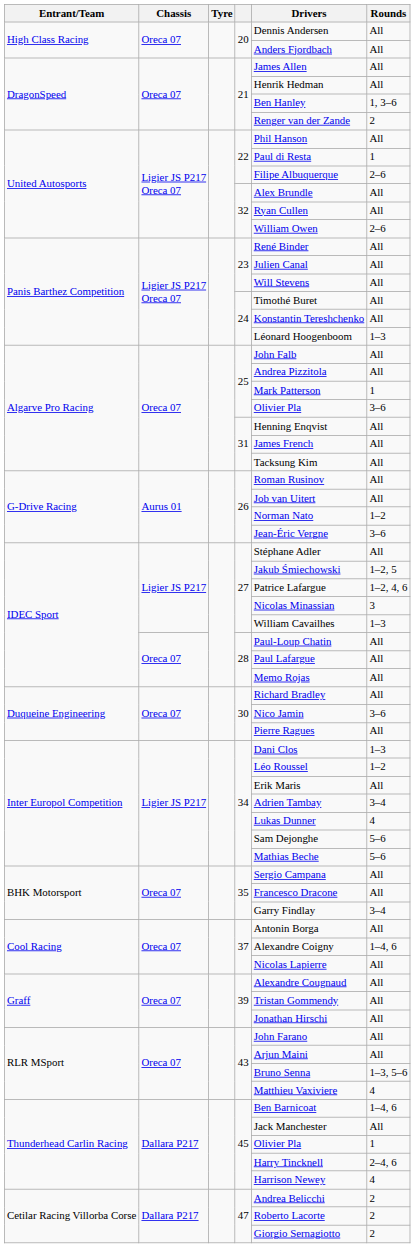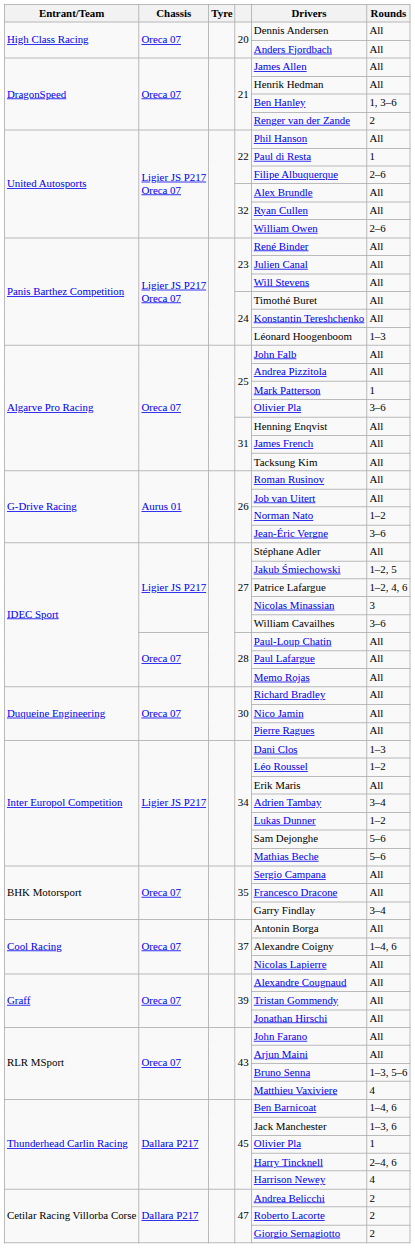 <table class="wikitable" style="font-size: 85%">
 <tr>
 <th>Entrant/Team</th>
 <th>Chassis</th>
 <th>Tyre</th>
 <th></th>
 <th>Drivers</th>
 <th>Rounds</th>
 </tr>
 <tr>
 <td rowspan=2> <a href='#'>High Class Racing</a></td>
 <td rowspan=2><a href='#'>Oreca 07</a></td>
 <td rowspan=2></td>
 <td rowspan=2>20</td>
 <td> Dennis Andersen</td>
 <td>All</td>
 </tr>
 <tr>
 <td> <a href='#'>Anders Fjordbach</a></td>
 <td>All</td>
 </tr>
 <tr>
 <td rowspan=4> <a href='#'>DragonSpeed</a></td>
 <td rowspan=4><a href='#'>Oreca 07</a></td>
 <td rowspan=4></td>
 <td rowspan=4>21</td>
 <td> <a href='#'>James Allen</a></td>
 <td>All</td>
 </tr>
 <tr>
 <td> Henrik Hedman</td>
 <td>All</td>
 </tr>
 <tr>
 <td> <a href='#'>Ben Hanley</a></td>
 <td>1, 3–6</td>
 </tr>
 <tr>
 <td> <a href='#'>Renger van der Zande</a></td>
 <td>2</td>
 </tr>
 <tr>
 <td rowspan=6> <a href='#'>United Autosports</a></td>
 <td rowspan=6><a href='#'>Ligier JS P217</a><br><a href='#'>Oreca 07</a></td>
 <td rowspan=6></td>
 <td rowspan=3>22</td>
 <td> <a href='#'>Phil Hanson</a></td>
 <td>All</td>
 </tr>
 <tr>
 <td> <a href='#'>Paul di Resta</a></td>
 <td>1</td>
 </tr>
 <tr>
 <td> <a href='#'>Filipe Albuquerque</a></td>
 <td>2–6</td>
 </tr>
 <tr>
 <td rowspan=3>32</td>
 <td> <a href='#'>Alex Brundle</a></td>
 <td>All</td>
 </tr>
 <tr>
 <td> <a href='#'>Ryan Cullen</a></td>
 <td>All</td>
 </tr>
 <tr>
 <td> <a href='#'>William Owen</a></td>
 <td>2–6</td>
 </tr>
 <tr>
 <td rowspan=6> <a href='#'>Panis Barthez Competition</a></td>
 <td rowspan=6><a href='#'>Ligier JS P217</a><br><a href='#'>Oreca 07</a></td>
 <td rowspan=6></td>
 <td rowspan=3>23</td>
 <td> <a href='#'>René Binder</a></td>
 <td>All</td>
 </tr>
 <tr>
 <td> <a href='#'>Julien Canal</a></td>
 <td>All</td>
 </tr>
 <tr>
 <td> <a href='#'>Will Stevens</a></td>
 <td>All</td>
 </tr>
 <tr>
 <td rowspan=3>24</td>
 <td> Timothé Buret</td>
 <td>All</td>
 </tr>
 <tr>
 <td> <a href='#'>Konstantin Tereshchenko</a></td>
 <td>All</td>
 </tr>
 <tr>
 <td> Léonard Hoogenboom</td>
 <td>1–3</td>
 </tr>
 <tr>
 <td rowspan=7> <a href='#'>Algarve Pro Racing</a></td>
 <td rowspan=7><a href='#'>Oreca 07</a></td>
 <td rowspan=7></td>
 <td rowspan=4>25</td>
 <td> <a href='#'>John Falb</a></td>
 <td>All</td>
 </tr>
 <tr>
 <td> <a href='#'>Andrea Pizzitola</a></td>
 <td>All</td>
 </tr>
 <tr>
 <td> <a href='#'>Mark Patterson</a></td>
 <td>1</td>
 </tr>
 <tr>
 <td> <a href='#'>Olivier Pla</a></td>
 <td>3–6</td>
 </tr>
 <tr>
 <td rowspan=3>31</td>
 <td> Henning Enqvist</td>
 <td>All</td>
 </tr>
 <tr>
 <td> <a href='#'>James French</a></td>
 <td>All</td>
 </tr>
 <tr>
 <td> Tacksung Kim</td>
 <td>All</td>
 </tr>
 <tr>
 <td rowspan=4> <a href='#'>G-Drive Racing</a></td>
 <td rowspan=4><a href='#'>Aurus 01</a></td>
 <td rowspan=4></td>
 <td rowspan=4>26</td>
 <td> <a href='#'>Roman Rusinov</a></td>
 <td>All</td>
 </tr>
 <tr>
 <td> <a href='#'>Job van Uitert</a></td>
 <td>All</td>
 </tr>
 <tr>
 <td> <a href='#'>Norman Nato</a></td>
 <td>1–2</td>
 </tr>
 <tr>
 <td> <a href='#'>Jean-Éric Vergne</a></td>
 <td>3–6</td>
 </tr>
 <tr>
 <td rowspan=8> <a href='#'>IDEC Sport</a></td>
 <td rowspan=5><a href='#'>Ligier JS P217</a></td>
 <td rowspan=8></td>
 <td rowspan=5>27</td>
 <td> Stéphane Adler</td>
 <td>All</td>
 </tr>
 <tr>
 <td> <a href='#'>Jakub Śmiechowski</a></td>
 <td>1–2, 5</td>
 </tr>
 <tr>
 <td> Patrice Lafargue</td>
 <td>1–2, 4, 6</td>
 </tr>
 <tr>
 <td> <a href='#'>Nicolas Minassian</a></td>
 <td>3</td>
 </tr>
 <tr>
 <td> William Cavailhes</td>
-<td>1–3</td>
+<td>3–6</td>
 </tr>
 <tr>
 <td rowspan=3><a href='#'>Oreca 07</a></td>
 <td rowspan=3>28</td>
 <td> <a href='#'>Paul-Loup Chatin</a></td>
 <td>All</td>
 </tr>
 <tr>
 <td> <a href='#'>Paul Lafargue</a></td>
 <td>All</td>
 </tr>
 <tr>
 <td> <a href='#'>Memo Rojas</a></td>
 <td>All</td>
 </tr>
 <tr>
 <td rowspan=3> <a href='#'>Duqueine Engineering</a></td>
 <td rowspan=3><a href='#'>Oreca 07</a></td>
 <td rowspan=3></td>
 <td rowspan=3>30</td>
 <td> <a href='#'>Richard Bradley</a></td>
 <td>All</td>
 </tr>
 <tr>
 <td> <a href='#'>Nico Jamin</a></td>
-<td>3–6</td>
+<td>All</td>
 </tr>
 <tr>
 <td> <a href='#'>Pierre Ragues</a></td>
 <td>All</td>
 </tr>
 <tr>
 <td rowspan=7> <a href='#'>Inter Europol Competition</a></td>
 <td rowspan=7><a href='#'>Ligier JS P217</a></td>
 <td rowspan=7></td>
 <td rowspan=7>34</td>
 <td> <a href='#'>Dani Clos</a></td>
 <td>1–3</td>
 </tr>
 <tr>
 <td> <a href='#'>Léo Roussel</a></td>
 <td>1–2</td>
 </tr>
 <tr>
 <td> Erik Maris</td>
 <td>All</td>
 </tr>
 <tr>
 <td> <a href='#'>Adrien Tambay</a></td>
 <td>3–4</td>
 </tr>
 <tr>
 <td> <a href='#'>Lukas Dunner</a></td>
-<td>4</td>
+<td>1–2</td>
 </tr>
 <tr>
 <td> Sam Dejonghe</td>
 <td>5–6</td>
 </tr>
 <tr>
 <td> <a href='#'>Mathias Beche</a></td>
 <td>5–6</td>
 </tr>
 <tr>
 <td rowspan=3> BHK Motorsport</td>
 <td rowspan=3><a href='#'>Oreca 07</a></td>
 <td rowspan=3></td>
 <td rowspan=3>35</td>
 <td> <a href='#'>Sergio Campana</a></td>
 <td>All</td>
 </tr>
 <tr>
 <td> <a href='#'>Francesco Dracone</a></td>
 <td>All</td>
 </tr>
 <tr>
 <td> Garry Findlay</td>
 <td>3–4</td>
 </tr>
 <tr>
 <td rowspan=3> <a href='#'>Cool Racing</a></td>
 <td rowspan=3><a href='#'>Oreca 07</a></td>
 <td rowspan=3></td>
 <td rowspan=3>37</td>
 <td> Antonin Borga</td>
 <td>All</td>
 </tr>
 <tr>
 <td> Alexandre Coigny</td>
 <td>1–4, 6</td>
 </tr>
 <tr>
 <td> <a href='#'>Nicolas Lapierre</a></td>
 <td>All</td>
 </tr>
 <tr>
 <td rowspan=3> <a href='#'>Graff</a></td>
 <td rowspan=3><a href='#'>Oreca 07</a></td>
 <td rowspan=3></td>
 <td rowspan=3>39</td>
 <td> <a href='#'>Alexandre Cougnaud</a></td>
 <td>All</td>
 </tr>
 <tr>
 <td> <a href='#'>Tristan Gommendy</a></td>
 <td>All</td>
 </tr>
 <tr>
 <td> <a href='#'>Jonathan Hirschi</a></td>
 <td>All</td>
 </tr>
 <tr>
 <td rowspan=4> RLR MSport</td>
 <td rowspan=4><a href='#'>Oreca 07</a></td>
 <td rowspan=4></td>
 <td rowspan=4>43</td>
 <td> <a href='#'>John Farano</a></td>
 <td>All</td>
 </tr>
 <tr>
 <td> <a href='#'>Arjun Maini</a></td>
 <td>All</td>
 </tr>
 <tr>
 <td> <a href='#'>Bruno Senna</a></td>
 <td>1–3, 5–6</td>
 </tr>
 <tr>
 <td> <a href='#'>Matthieu Vaxiviere</a></td>
 <td>4</td>
 </tr>
 <tr>
 <td rowspan=5> <a href='#'>Thunderhead Carlin Racing</a></td>
 <td rowspan=5><a href='#'>Dallara P217</a></td>
 <td rowspan=5></td>
 <td rowspan=5>45</td>
 <td> <a href='#'>Ben Barnicoat</a></td>
 <td>1–4, 6</td>
 </tr>
 <tr>
 <td> Jack Manchester</td>
-<td>All</td>
+<td>1–3, 6</td>
 </tr>
 <tr>
 <td> <a href='#'>Olivier Pla</a></td>
 <td>1</td>
 </tr>
 <tr>
 <td> <a href='#'>Harry Tincknell</a></td>
 <td>2–4, 6</td>
 </tr>
 <tr>
 <td> <a href='#'>Harrison Newey</a></td>
 <td>4</td>
 </tr>
 <tr>
 <td rowspan=3> Cetilar Racing Villorba Corse</td>
 <td rowspan=3><a href='#'>Dallara P217</a></td>
 <td rowspan=3></td>
 <td rowspan=3>47</td>
 <td> <a href='#'>Andrea Belicchi</a></td>
 <td>2</td>
 </tr>
 <tr>
 <td> <a href='#'>Roberto Lacorte</a></td>
 <td>2</td>
 </tr>
 <tr>
 <td> <a href='#'>Giorgio Sernagiotto</a></td>
 <td>2</td>
 </tr>
 </table>
